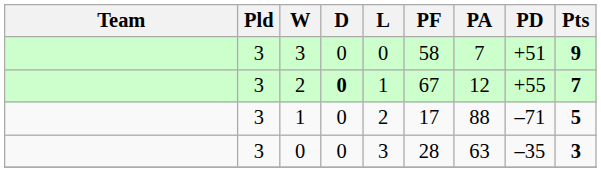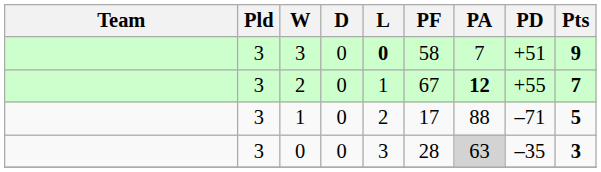 <table class="wikitable" style="text-align:center;">
 <tr>
 <th width=175>Team</th>
 <th width=25 abbr="Played">Pld</th>
 <th width=25 abbr="Won">W</th>
 <th width=25 abbr="Drawn">D</th>
 <th width=25 abbr="Lost">L</th>
 <th width=32 abbr="Points for">PF</th>
 <th width=32 abbr="Points against">PA</th>
 <th width=32 abbr="Points difference">PD</th>
 <th width=25 abbr="Points">Pts</th>
 </tr>
 <tr bgcolor=ccffcc>
 <td align=left></td>
 <td>3</td>
 <td>3</td>
 <td>0</td>
-<td>0</td>
+<td><strong>0</strong></td>
 <td>58</td>
 <td>7</td>
 <td>+51</td>
 <td><strong>9</strong></td>
 </tr>
 <tr bgcolor=ccffcc>
 <td align=left></td>
 <td>3</td>
 <td>2</td>
-<td><strong>0</strong></td>
+<td>0</td>
 <td>1</td>
 <td>67</td>
-<td>12</td>
+<td><strong>12</strong></td>
 <td>+55</td>
 <td><strong>7</strong></td>
 </tr>
 <tr>
 <td align=left></td>
 <td>3</td>
 <td>1</td>
 <td>0</td>
 <td>2</td>
 <td>17</td>
 <td>88</td>
 <td>–71</td>
 <td><strong>5</strong></td>
 </tr>
 <tr>
 <td align=left></td>
 <td>3</td>
 <td>0</td>
 <td>0</td>
 <td>3</td>
 <td>28</td>
-<td>63</td>
+<td style="background: lightgrey;">63</td>
 <td>–35</td>
 <td><strong>3</strong></td>
 </tr>
 <tr>
 </tr>
 </table>
